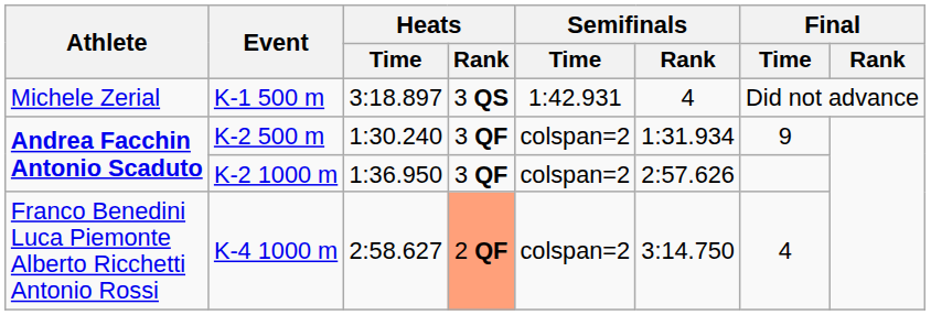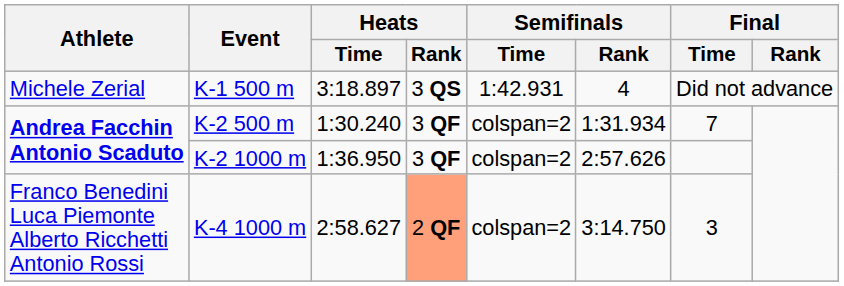 <table class="wikitable" style="font-size:90%">
 <tr>
 <th rowspan=2>Athlete</th>
 <th rowspan=2>Event</th>
 <th colspan=2>Heats</th>
 <th colspan=2>Semifinals</th>
 <th colspan=2>Final</th>
 </tr>
 <tr style="font-size:95%">
 <th>Time</th>
 <th>Rank</th>
 <th>Time</th>
 <th>Rank</th>
 <th>Time</th>
 <th>Rank</th>
 </tr>
 <tr align=center>
 <td align=left><a href='#'>Michele Zerial</a></td>
 <td align=left><a href='#'>K-1 500 m</a></td>
 <td>3:18.897</td>
 <td>3 <strong>QS</strong></td>
 <td>1:42.931</td>
 <td>4</td>
 <td colspan=2>Did not advance</td>
 </tr>
 <tr align=center>
 <td align=left rowspan=2><strong><a href='#'>Andrea Facchin</a><br><a href='#'>Antonio Scaduto</a></strong></td>
 <td align=left><a href='#'>K-2 500 m</a></td>
 <td>1:30.240</td>
 <td>3 <strong>QF</strong></td>
 <td>colspan=2 </td>
 <td>1:31.934</td>
-<td>9</td>
+<td>7</td>
 </tr>
 <tr align=center>
 <td align=left><a href='#'>K-2 1000 m</a></td>
 <td>1:36.950</td>
 <td>3 <strong>QF</strong></td>
 <td>colspan=2 </td>
 <td>2:57.626</td>
 <td></td>
 </tr>
 <tr align=center>
 <td align=left><a href='#'>Franco Benedini</a><br><a href='#'>Luca Piemonte</a><br><a href='#'>Alberto Ricchetti</a><br><a href='#'>Antonio Rossi</a></td>
 <td align=left><a href='#'>K-4 1000 m</a></td>
 <td>2:58.627</td>
 <td style="background: lightsalmon;">2 <strong>QF</strong></td>
 <td>colspan=2 </td>
 <td>3:14.750</td>
-<td>4</td>
+<td>3</td>
 </tr>
 </table>
